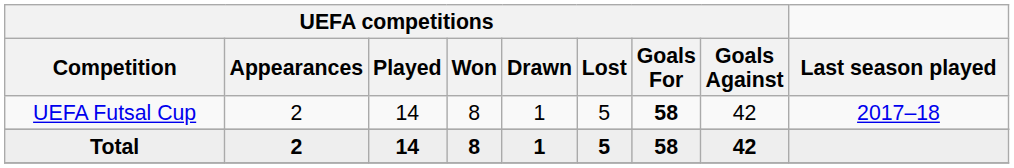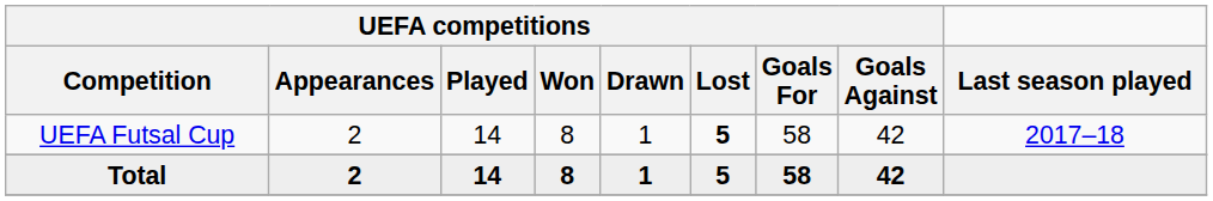 <table class="wikitable" style="font-size:95%; text-align: center;">
 <tr>
 <th colspan="8">UEFA competitions</th>
 </tr>
 <tr>
 <th width="150">Competition</th>
 <th width="30">Appearances</th>
 <th width="30">Played</th>
 <th width="30">Won</th>
 <th width="30">Drawn</th>
 <th width="30">Lost</th>
 <th width="30">Goals For</th>
 <th width="30">Goals Against</th>
 <th width="150">Last season played</th>
 </tr>
 <tr>
 <td><a href='#'>UEFA Futsal Cup</a></td>
 <td>2</td>
 <td>14</td>
 <td>8</td>
 <td>1</td>
-<td>5</td>
-<td><strong>58</strong></td>
+<td><strong>5</strong></td>
+<td>58</td>
 <td>42</td>
 <td><a href='#'>2017–18</a></td>
 </tr>
 <tr>
 </tr>
 <tr bgcolor=#EEEEEE>
 <td><strong>Total</strong></td>
 <td><strong>2</strong></td>
 <td><strong>14</strong></td>
 <td><strong>8</strong></td>
 <td><strong>1</strong></td>
 <td><strong>5</strong></td>
 <td><strong>58</strong></td>
 <td><strong>42</strong></td>
 <td></td>
 </tr>
 <tr>
 </tr>
 </table>
